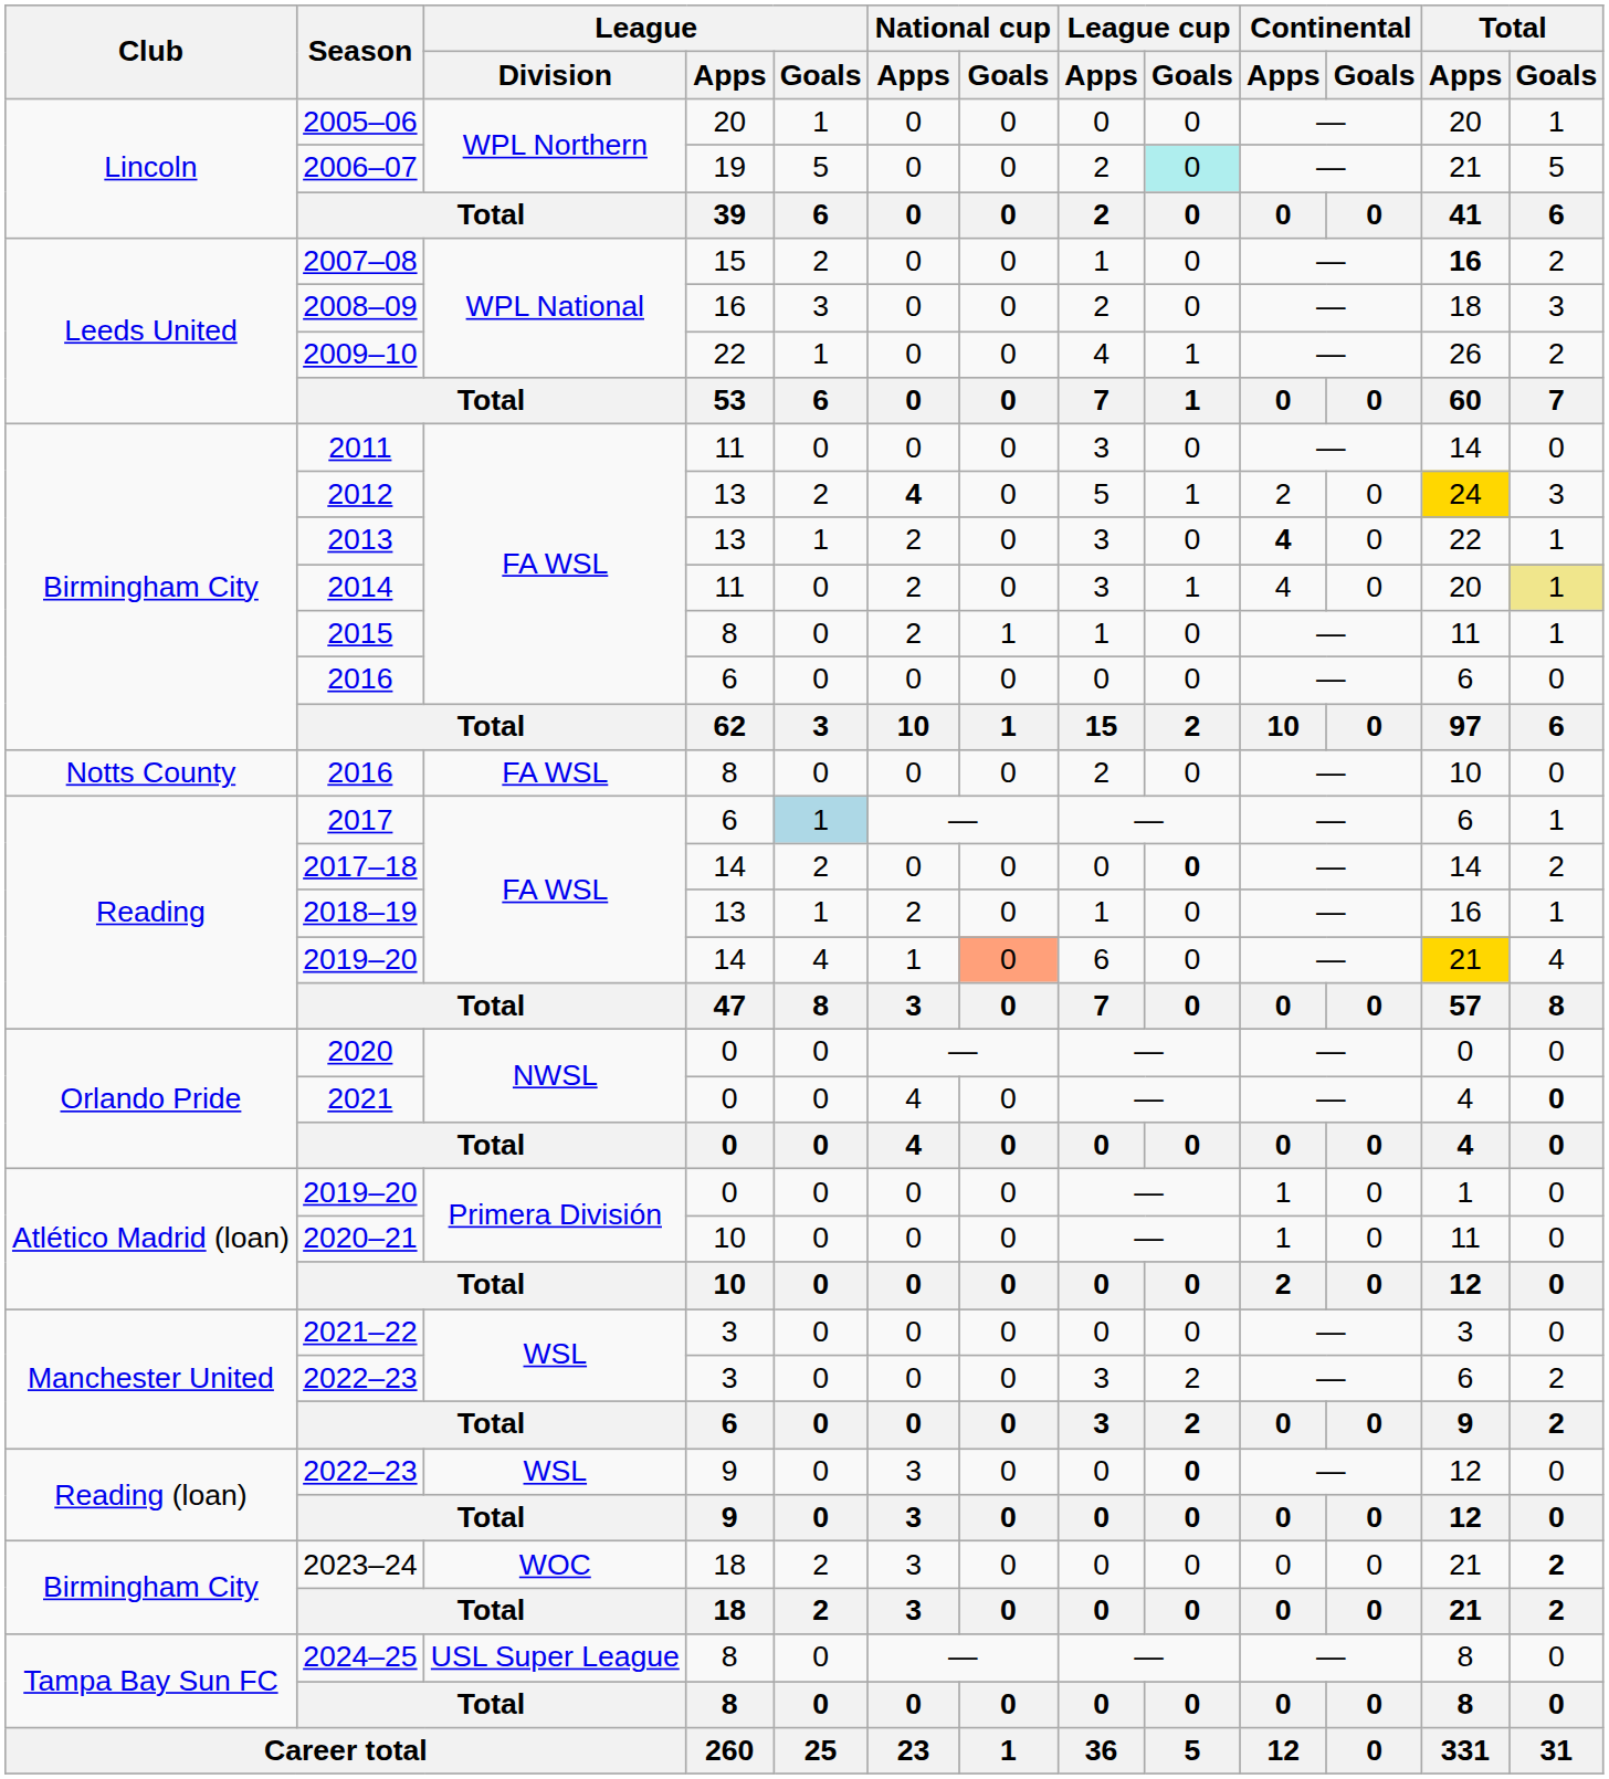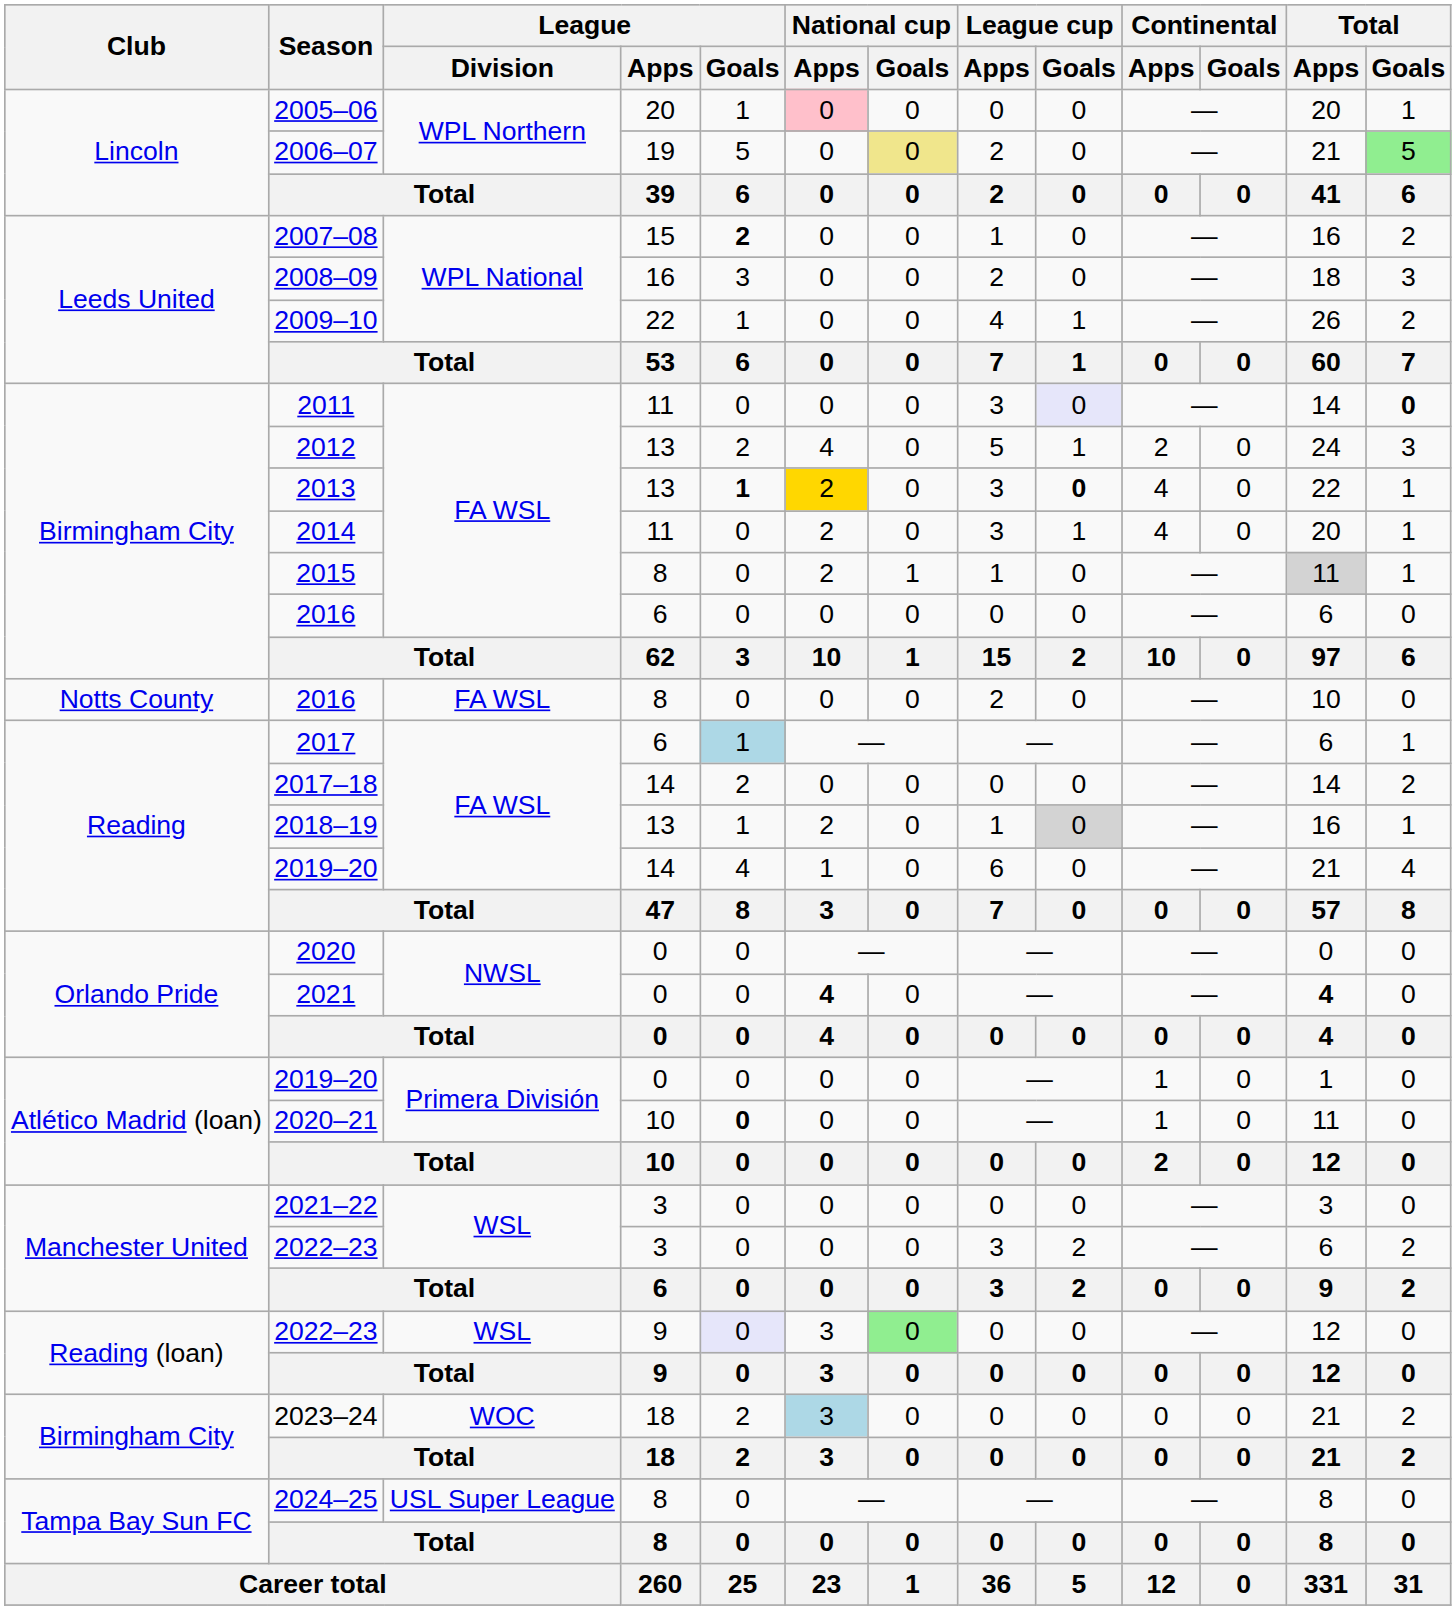 <table class="wikitable" style="text-align:center">
 <tr>
 <th rowspan="2">Club</th>
 <th rowspan="2">Season</th>
 <th colspan="3">League</th>
 <th colspan="2">National cup</th>
 <th colspan="2">League cup</th>
 <th colspan="2">Continental</th>
 <th colspan="2">Total</th>
 </tr>
 <tr>
 <th>Division</th>
 <th>Apps</th>
 <th>Goals</th>
 <th>Apps</th>
 <th>Goals</th>
 <th>Apps</th>
 <th>Goals</th>
 <th>Apps</th>
 <th>Goals</th>
 <th>Apps</th>
 <th>Goals</th>
 </tr>
 <tr>
 <td rowspan="3"><a href='#'>Lincoln</a></td>
 <td><a href='#'>2005–06</a></td>
 <td rowspan="2"><a href='#'>WPL Northern</a></td>
 <td>20</td>
 <td>1</td>
-<td>0</td>
+<td style="background: pink;">0</td>
 <td>0</td>
 <td>0</td>
 <td>0</td>
 <td colspan="2">—</td>
 <td>20</td>
 <td>1</td>
 </tr>
 <tr>
 <td><a href='#'>2006–07</a></td>
 <td>19</td>
 <td>5</td>
 <td>0</td>
+<td style="background: khaki;">0</td>
+<td>2</td>
 <td>0</td>
-<td>2</td>
-<td style="background: paleturquoise;">0</td>
 <td colspan="2">—</td>
 <td>21</td>
-<td>5</td>
+<td style="background: lightgreen;">5</td>
 </tr>
 <tr>
 <th colspan="2">Total</th>
 <th>39</th>
 <th>6</th>
 <th>0</th>
 <th>0</th>
 <th>2</th>
 <th>0</th>
 <th>0</th>
 <th>0</th>
 <th>41</th>
 <th>6</th>
 </tr>
 <tr>
 <td rowspan="4"><a href='#'>Leeds United</a></td>
 <td><a href='#'>2007–08</a></td>
 <td rowspan="3"><a href='#'>WPL National</a></td>
 <td>15</td>
-<td>2</td>
+<td><strong>2</strong></td>
 <td>0</td>
 <td>0</td>
 <td>1</td>
 <td>0</td>
 <td colspan="2">—</td>
-<td><strong>16</strong></td>
+<td>16</td>
 <td>2</td>
 </tr>
 <tr>
 <td><a href='#'>2008–09</a></td>
 <td>16</td>
 <td>3</td>
 <td>0</td>
 <td>0</td>
 <td>2</td>
 <td>0</td>
 <td colspan="2">—</td>
 <td>18</td>
 <td>3</td>
 </tr>
 <tr>
 <td><a href='#'>2009–10</a></td>
 <td>22</td>
 <td>1</td>
 <td>0</td>
 <td>0</td>
 <td>4</td>
 <td>1</td>
 <td colspan="2">—</td>
 <td>26</td>
 <td>2</td>
 </tr>
 <tr>
 <th colspan="2">Total</th>
 <th>53</th>
 <th>6</th>
 <th>0</th>
 <th>0</th>
 <th>7</th>
 <th>1</th>
 <th>0</th>
 <th>0</th>
 <th>60</th>
 <th>7</th>
 </tr>
 <tr>
 <td rowspan="7"><a href='#'>Birmingham City</a></td>
 <td><a href='#'>2011</a></td>
 <td rowspan="6"><a href='#'>FA WSL</a></td>
 <td>11</td>
 <td>0</td>
 <td>0</td>
 <td>0</td>
 <td>3</td>
-<td>0</td>
+<td style="background: lavender;">0</td>
 <td colspan="2">—</td>
 <td>14</td>
-<td>0</td>
+<td><strong>0</strong></td>
 </tr>
 <tr>
 <td><a href='#'>2012</a></td>
 <td>13</td>
 <td>2</td>
-<td><strong>4</strong></td>
+<td>4</td>
 <td>0</td>
 <td>5</td>
 <td>1</td>
 <td>2</td>
 <td>0</td>
-<td style="background: gold;">24</td>
+<td>24</td>
 <td>3</td>
 </tr>
 <tr>
 <td><a href='#'>2013</a></td>
 <td>13</td>
-<td>1</td>
-<td>2</td>
+<td><strong>1</strong></td>
+<td style="background: gold;">2</td>
 <td>0</td>
 <td>3</td>
-<td>0</td>
-<td><strong>4</strong></td>
+<td><strong>0</strong></td>
+<td>4</td>
 <td>0</td>
 <td>22</td>
 <td>1</td>
 </tr>
 <tr>
 <td><a href='#'>2014</a></td>
 <td>11</td>
 <td>0</td>
 <td>2</td>
 <td>0</td>
 <td>3</td>
 <td>1</td>
 <td>4</td>
 <td>0</td>
 <td>20</td>
-<td style="background: khaki;">1</td>
+<td>1</td>
 </tr>
 <tr>
 <td><a href='#'>2015</a></td>
 <td>8</td>
 <td>0</td>
 <td>2</td>
 <td>1</td>
 <td>1</td>
 <td>0</td>
 <td colspan="2">—</td>
-<td>11</td>
+<td style="background: lightgrey;">11</td>
 <td>1</td>
 </tr>
 <tr>
 <td><a href='#'>2016</a></td>
 <td>6</td>
 <td>0</td>
 <td>0</td>
 <td>0</td>
 <td>0</td>
 <td>0</td>
 <td colspan="2">—</td>
 <td>6</td>
 <td>0</td>
 </tr>
 <tr>
 <th colspan="2">Total</th>
 <th>62</th>
 <th>3</th>
 <th>10</th>
 <th>1</th>
 <th>15</th>
 <th>2</th>
 <th>10</th>
 <th>0</th>
 <th>97</th>
 <th>6</th>
 </tr>
 <tr>
 <td><a href='#'>Notts County</a></td>
 <td><a href='#'>2016</a></td>
 <td><a href='#'>FA WSL</a></td>
 <td>8</td>
 <td>0</td>
 <td>0</td>
 <td>0</td>
 <td>2</td>
 <td>0</td>
 <td colspan="2">—</td>
 <td>10</td>
 <td>0</td>
 </tr>
 <tr>
 <td rowspan="5"><a href='#'>Reading</a></td>
 <td><a href='#'>2017</a></td>
 <td rowspan="4"><a href='#'>FA WSL</a></td>
 <td>6</td>
 <td style="background: lightblue;">1</td>
 <td colspan="2">—</td>
 <td colspan="2">—</td>
 <td colspan="2">—</td>
 <td>6</td>
 <td>1</td>
 </tr>
 <tr>
 <td><a href='#'>2017–18</a></td>
 <td>14</td>
 <td>2</td>
 <td>0</td>
 <td>0</td>
 <td>0</td>
-<td><strong>0</strong></td>
+<td>0</td>
 <td colspan="2">—</td>
 <td>14</td>
 <td>2</td>
 </tr>
 <tr>
 <td><a href='#'>2018–19</a></td>
 <td>13</td>
 <td>1</td>
 <td>2</td>
 <td>0</td>
 <td>1</td>
-<td>0</td>
+<td style="background: lightgrey;">0</td>
 <td colspan="2">—</td>
 <td>16</td>
 <td>1</td>
 </tr>
 <tr>
 <td><a href='#'>2019–20</a></td>
 <td>14</td>
 <td>4</td>
 <td>1</td>
-<td style="background: lightsalmon;">0</td>
+<td>0</td>
 <td>6</td>
 <td>0</td>
 <td colspan="2">—</td>
-<td style="background: gold;">21</td>
+<td>21</td>
 <td>4</td>
 </tr>
 <tr>
 <th colspan="2">Total</th>
 <th>47</th>
 <th>8</th>
 <th>3</th>
 <th>0</th>
 <th>7</th>
 <th>0</th>
 <th>0</th>
 <th>0</th>
 <th>57</th>
 <th>8</th>
 </tr>
 <tr>
 <td rowspan="3"><a href='#'>Orlando Pride</a></td>
 <td><a href='#'>2020</a></td>
 <td rowspan="2"><a href='#'>NWSL</a></td>
 <td>0</td>
 <td>0</td>
 <td colspan="2">—</td>
 <td colspan="2">—</td>
 <td colspan="2">—</td>
 <td>0</td>
 <td>0</td>
 </tr>
 <tr>
 <td><a href='#'>2021</a></td>
 <td>0</td>
 <td>0</td>
-<td>4</td>
+<td><strong>4</strong></td>
 <td>0</td>
 <td colspan="2">—</td>
 <td colspan="2">—</td>
-<td>4</td>
-<td><strong>0</strong></td>
+<td><strong>4</strong></td>
+<td>0</td>
 </tr>
 <tr>
 <th colspan="2">Total</th>
 <th>0</th>
 <th>0</th>
 <th>4</th>
 <th>0</th>
 <th>0</th>
 <th>0</th>
 <th>0</th>
 <th>0</th>
 <th>4</th>
 <th>0</th>
 </tr>
 <tr>
 <td rowspan="3"><a href='#'>Atlético Madrid</a> (loan)</td>
 <td><a href='#'>2019–20</a></td>
 <td rowspan="2"><a href='#'>Primera División</a></td>
 <td>0</td>
 <td>0</td>
 <td>0</td>
 <td>0</td>
 <td colspan="2">—</td>
 <td>1</td>
 <td>0</td>
 <td>1</td>
 <td>0</td>
 </tr>
 <tr>
 <td><a href='#'>2020–21</a></td>
 <td>10</td>
-<td>0</td>
+<td><strong>0</strong></td>
 <td>0</td>
 <td>0</td>
 <td colspan="2">—</td>
 <td>1</td>
 <td>0</td>
 <td>11</td>
 <td>0</td>
 </tr>
 <tr>
 <th colspan="2">Total</th>
 <th>10</th>
 <th>0</th>
 <th>0</th>
 <th>0</th>
 <th>0</th>
 <th>0</th>
 <th>2</th>
 <th>0</th>
 <th>12</th>
 <th>0</th>
 </tr>
 <tr>
 <td rowspan="3"><a href='#'>Manchester United</a></td>
 <td><a href='#'>2021–22</a></td>
 <td rowspan="2"><a href='#'>WSL</a></td>
 <td>3</td>
 <td>0</td>
 <td>0</td>
 <td>0</td>
 <td>0</td>
 <td>0</td>
 <td colspan="2">—</td>
 <td>3</td>
 <td>0</td>
 </tr>
 <tr>
 <td><a href='#'>2022–23</a></td>
 <td>3</td>
 <td>0</td>
 <td>0</td>
 <td>0</td>
 <td>3</td>
 <td>2</td>
 <td colspan="2">—</td>
 <td>6</td>
 <td>2</td>
 </tr>
 <tr>
 <th colspan="2">Total</th>
 <th>6</th>
 <th>0</th>
 <th>0</th>
 <th>0</th>
 <th>3</th>
 <th>2</th>
 <th>0</th>
 <th>0</th>
 <th>9</th>
 <th>2</th>
 </tr>
 <tr>
 <td rowspan="2"><a href='#'>Reading</a> (loan)</td>
 <td><a href='#'>2022–23</a></td>
 <td><a href='#'>WSL</a></td>
 <td>9</td>
-<td>0</td>
+<td style="background: lavender;">0</td>
 <td>3</td>
+<td style="background: lightgreen;">0</td>
 <td>0</td>
 <td>0</td>
-<td><strong>0</strong></td>
 <td colspan="2">—</td>
 <td>12</td>
 <td>0</td>
 </tr>
 <tr>
 <th colspan="2">Total</th>
 <th>9</th>
 <th>0</th>
 <th>3</th>
 <th>0</th>
 <th>0</th>
 <th>0</th>
 <th>0</th>
 <th>0</th>
 <th>12</th>
 <th>0</th>
 </tr>
 <tr>
 <td rowspan="2"><a href='#'>Birmingham City</a></td>
 <td>2023–24</td>
 <td><a href='#'>WOC</a></td>
 <td>18</td>
 <td>2</td>
-<td>3</td>
+<td style="background: lightblue;">3</td>
 <td>0</td>
 <td>0</td>
 <td>0</td>
 <td>0</td>
 <td>0</td>
 <td>21</td>
-<td><strong>2</strong></td>
+<td>2</td>
 </tr>
 <tr>
 <th colspan="2">Total</th>
 <th>18</th>
 <th>2</th>
 <th>3</th>
 <th>0</th>
 <th>0</th>
 <th>0</th>
 <th>0</th>
 <th>0</th>
 <th>21</th>
 <th>2</th>
 </tr>
 <tr>
 <td rowspan="2"><a href='#'>Tampa Bay Sun FC</a></td>
 <td><a href='#'>2024–25</a></td>
 <td><a href='#'>USL Super League</a></td>
 <td>8</td>
 <td>0</td>
 <td colspan="2">—</td>
 <td colspan="2">—</td>
 <td colspan="2">—</td>
 <td>8</td>
 <td>0</td>
 </tr>
 <tr>
 <th colspan="2">Total</th>
 <th>8</th>
 <th>0</th>
 <th>0</th>
 <th>0</th>
 <th>0</th>
 <th>0</th>
 <th>0</th>
 <th>0</th>
 <th>8</th>
 <th>0</th>
 </tr>
 <tr>
 <th colspan="3">Career total</th>
 <th>260</th>
 <th>25</th>
 <th>23</th>
 <th>1</th>
 <th>36</th>
 <th>5</th>
 <th>12</th>
 <th>0</th>
 <th>331</th>
 <th>31</th>
 </tr>
 </table>
